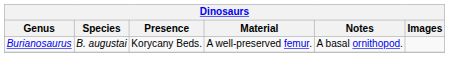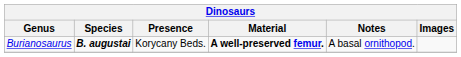 <table class="wikitable" align="center">
 <tr>
 <th colspan="6" align="center"><strong><a href='#'>Dinosaurs</a></strong></th>
 </tr>
 <tr>
 <th>Genus</th>
 <th>Species</th>
 <th>Presence</th>
 <th><strong>Material</strong></th>
 <th>Notes</th>
 <th>Images</th>
 </tr>
 <tr>
 <td><em><a href='#'>Burianosaurus</a></em></td>
-<td><em>B. augustai</em></td>
+<td><strong><em>B. augustai</em></strong></td>
 <td>Korycany Beds.</td>
-<td>A well-preserved <a href='#'>femur</a>.</td>
+<td><strong>A well-preserved <a href='#'>femur</a>.</strong></td>
 <td>A basal <a href='#'>ornithopod</a>.</td>
 <td></td>
 </tr>
 <tr>
 </tr>
 </table>
